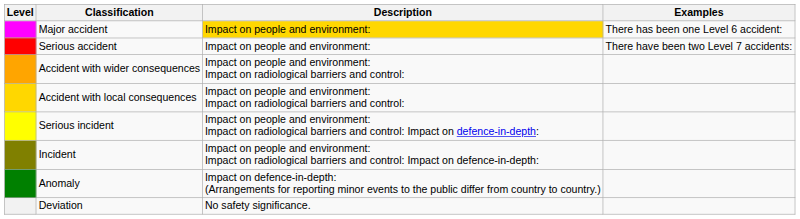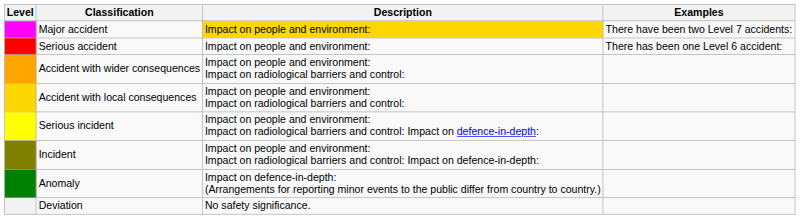 <table class="wikitable sortable">
 <tr>
 <th>Level</th>
 <th>Classification</th>
 <th>Description</th>
 <th>Examples</th>
 </tr>
 <tr>
 <th style="background:magenta;"></th>
 <td>Major accident</td>
 <td style="background: gold;">Impact on people and environment:<br></td>
-<td>There has been one Level 6 accident:<br></td>
+<td>There have been two Level 7 accidents:<br></td>
 </tr>
 <tr>
 <th style="background:red;"></th>
 <td>Serious accident</td>
 <td>Impact on people and environment:<br></td>
-<td>There have been two Level 7 accidents:<br></td>
+<td>There has been one Level 6 accident:<br></td>
 </tr>
 <tr>
 <th style="background:orange;"></th>
 <td>Accident with wider consequences</td>
 <td>Impact on people and environment:<br> Impact on radiological barriers and control:  </td>
 <td></td>
 </tr>
 <tr>
 <th style="background:gold;"></th>
 <td>Accident with local consequences</td>
 <td>Impact on people and environment:<br> Impact on radiological barriers and control: </td>
 <td></td>
 </tr>
 <tr>
 <th style="background:yellow;"></th>
 <td>Serious incident</td>
 <td>Impact on people and environment:<br> Impact on radiological barriers and control:  Impact on <a href='#'>defence-in-depth</a>: </td>
 <td></td>
 </tr>
 <tr>
 <th style="background:#808000;"></th>
 <td>Incident</td>
 <td>Impact on people and environment:<br> Impact on radiological barriers and control:  Impact on defence-in-depth: </td>
 <td></td>
 </tr>
 <tr>
 <th style="background:green;"></th>
 <td>Anomaly</td>
 <td>Impact on defence-in-depth:<br> (Arrangements for reporting minor events to the public differ from country to country.)</td>
 <td></td>
 </tr>
 <tr>
 <th></th>
 <td>Deviation</td>
 <td>No safety significance.</td>
 <td></td>
 </tr>
 </table>
